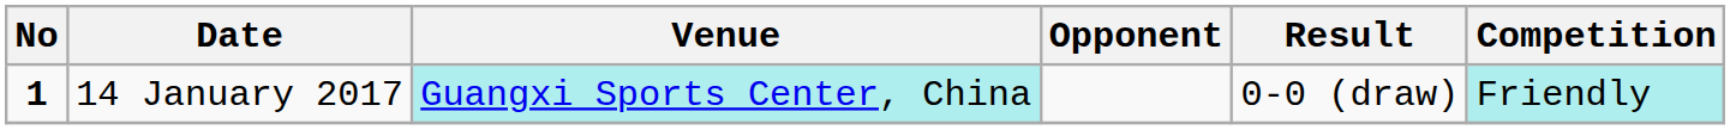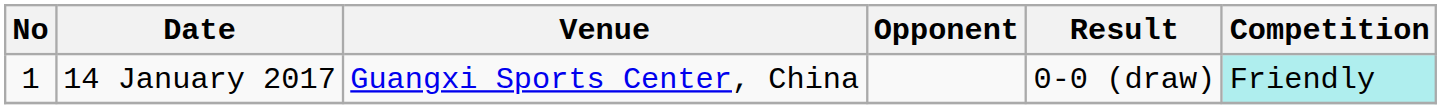 <table class="wikitable">
 <tr>
 <th>No</th>
 <th>Date</th>
 <th>Venue</th>
 <th>Opponent</th>
 <th>Result</th>
 <th>Competition</th>
 </tr>
 <tr>
-<td align=center><strong>1</strong></td>
+<td align=center>1</td>
 <td>14 January 2017</td>
-<td style="background: paleturquoise;"><a href='#'>Guangxi Sports Center</a>, China</td>
+<td><a href='#'>Guangxi Sports Center</a>, China</td>
 <td></td>
 <td align="center">0-0 (draw)</td>
 <td style="background: paleturquoise;">Friendly</td>
 </tr>
 <tr>
 </tr>
 </table>
